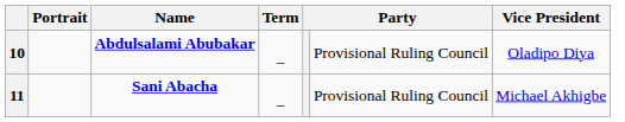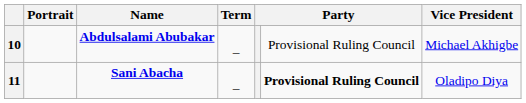 <table class="wikitable sortable sticky-header" style=text-align:center;>
 <tr>
 <th scope=col></th>
 <th scope=col class=unsortable>Portrait</th>
 <th scope=col>Name<br></th>
 <th scope=col class=unsortable>Term</th>
 <th scope=col colspan=2>Party</th>
 <th scope=col class=unsortable>Vice President</th>
 </tr>
 <tr>
 <th scope=row>10</th>
 <td></td>
 <td><strong><a href='#'>Abdulsalami Abubakar</a></strong><br><br></td>
 <td><br>–<br></td>
 <th style="background:"></th>
 <td>Provisional Ruling Council</td>
-<td><a href='#'>Oladipo Diya</a></td>
+<td><a href='#'>Michael Akhigbe</a></td>
 </tr>
 <tr>
 <th scope=row>11</th>
 <td></td>
 <td><strong><a href='#'>Sani Abacha</a></strong><br><br></td>
 <td><br>–<br></td>
 <th style="background:"></th>
-<td>Provisional Ruling Council</td>
-<td><a href='#'>Michael Akhigbe</a></td>
+<td><strong>Provisional Ruling Council</strong></td>
+<td><a href='#'>Oladipo Diya</a></td>
 </tr>
 </table>
